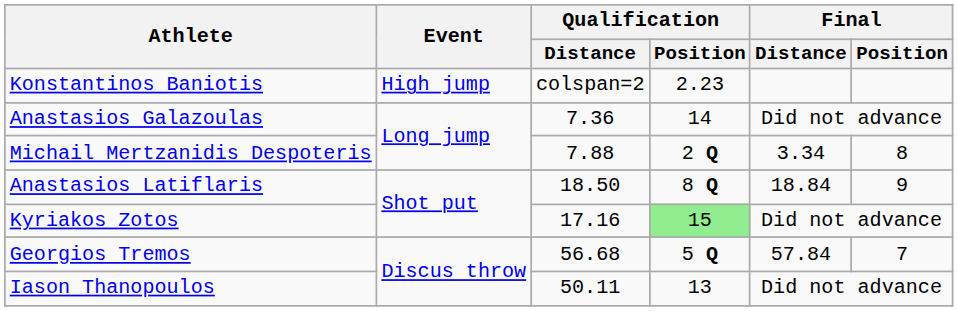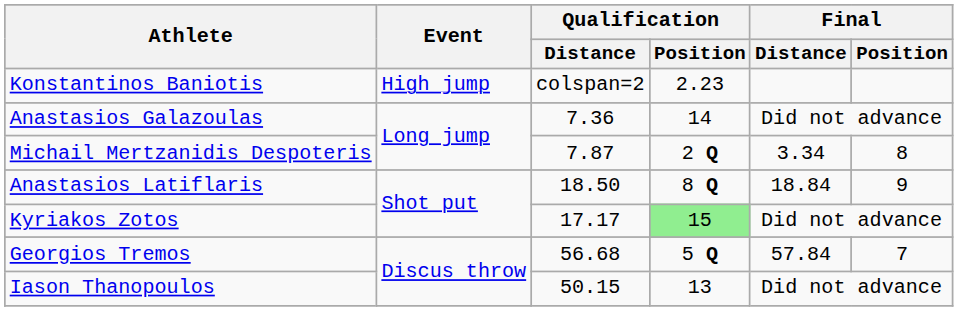 <table class=wikitable style="font-size:90%">
 <tr>
 <th rowspan="2">Athlete</th>
 <th rowspan="2">Event</th>
 <th colspan="2">Qualification</th>
 <th colspan="2">Final</th>
 </tr>
 <tr style="font-size:95%">
 <th>Distance</th>
 <th>Position</th>
 <th>Distance</th>
 <th>Position</th>
 </tr>
 <tr align=center>
 <td align=left><a href='#'>Konstantinos Baniotis</a></td>
 <td align=left><a href='#'>High jump</a></td>
 <td>colspan=2 </td>
 <td>2.23</td>
 <td></td>
 </tr>
 <tr align=center>
 <td align=left><a href='#'>Anastasios Galazoulas</a></td>
 <td align=left rowspan=2><a href='#'>Long jump</a></td>
 <td>7.36</td>
 <td>14</td>
 <td colspan=2>Did not advance</td>
 </tr>
 <tr align=center>
 <td align=left><a href='#'>Michail Mertzanidis Despoteris</a></td>
-<td>7.88</td>
+<td>7.87</td>
 <td>2 <strong>Q</strong></td>
 <td>3.34</td>
 <td>8</td>
 </tr>
 <tr align=center>
 <td align=left><a href='#'>Anastasios Latiflaris</a></td>
 <td align=left rowspan=2><a href='#'>Shot put</a></td>
 <td>18.50</td>
 <td>8 <strong>Q</strong></td>
 <td>18.84</td>
 <td>9</td>
 </tr>
 <tr align=center>
 <td align=left><a href='#'>Kyriakos Zotos</a></td>
-<td>17.16</td>
+<td>17.17</td>
 <td style="background: lightgreen;">15</td>
 <td colspan=2>Did not advance</td>
 </tr>
 <tr align=center>
 <td align=left><a href='#'>Georgios Tremos</a></td>
 <td align=left rowspan=2><a href='#'>Discus throw</a></td>
 <td>56.68</td>
 <td>5 <strong>Q</strong></td>
 <td>57.84</td>
 <td>7</td>
 </tr>
 <tr align=center>
 <td align=left><a href='#'>Iason Thanopoulos</a></td>
-<td>50.11</td>
+<td>50.15</td>
 <td>13</td>
 <td colspan=2>Did not advance</td>
 </tr>
 </table>
